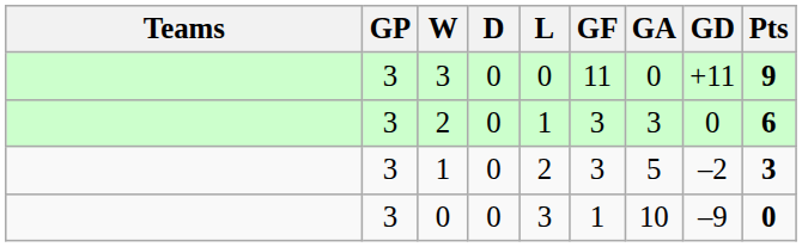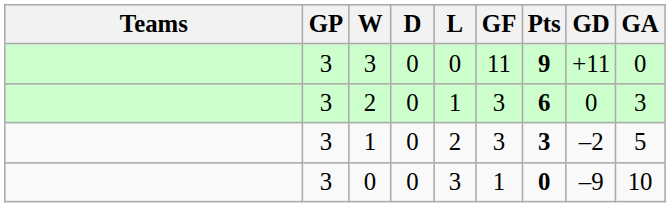 <table class="wikitable">
 <tr style="text-align:center; background:#efefef;">
 <th width=185>Teams</th>
 <th width=20>GP</th>
 <th width=20>W</th>
 <th width=20>D</th>
 <th width=20>L</th>
 <th width=20>GF</th>
+<th width=20>Pts</th>
+<th width=20>GD</th>
 <th width=20>GA</th>
-<th width=20>GD</th>
-<th width=20>Pts</th>
 </tr>
 <tr style="text-align:center; background:#cfc;">
 <td style="text-align:left;"></td>
 <td>3</td>
 <td>3</td>
 <td>0</td>
 <td>0</td>
 <td>11</td>
+<td><strong>9</strong></td>
+<td>+11</td>
 <td>0</td>
-<td>+11</td>
-<td><strong>9</strong></td>
 </tr>
 <tr style="text-align:center; background:#cfc;">
 <td style="text-align:left;"></td>
 <td>3</td>
 <td>2</td>
 <td>0</td>
 <td>1</td>
 <td>3</td>
+<td><strong>6</strong></td>
+<td>0</td>
 <td>3</td>
-<td>0</td>
-<td><strong>6</strong></td>
 </tr>
 <tr align=center>
 <td style="text-align:left;"></td>
 <td>3</td>
 <td>1</td>
 <td>0</td>
 <td>2</td>
 <td>3</td>
+<td><strong>3</strong></td>
+<td>–2</td>
 <td>5</td>
-<td>–2</td>
-<td><strong>3</strong></td>
 </tr>
 <tr align=center>
 <td style="text-align:left;"></td>
 <td>3</td>
 <td>0</td>
 <td>0</td>
 <td>3</td>
 <td>1</td>
+<td><strong>0</strong></td>
+<td>–9</td>
 <td>10</td>
-<td>–9</td>
-<td><strong>0</strong></td>
 </tr>
 </table>
